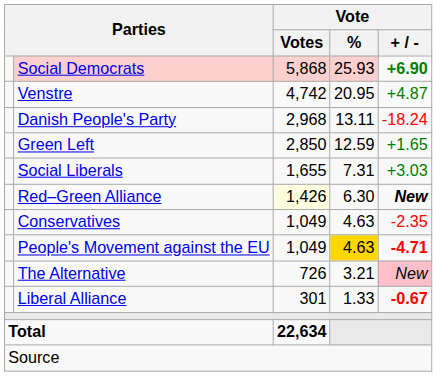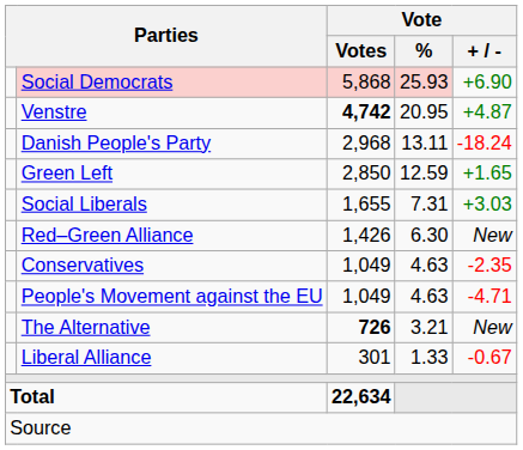 <table class="wikitable" style="text-align:right;">
 <tr>
 <th style="text-align:centre;" rowspan="2" colspan="2" width="225">Parties</th>
 <th colspan="3">Vote</th>
 </tr>
 <tr>
 <th width="15">Votes</th>
 <th width="15">%</th>
 <th width="15">+ / -</th>
 </tr>
 <tr>
 <td width="2" style="color:inherit;background:"></td>
 <td bgcolor=#fbd0ce   align="left"><a href='#'>Social Democrats</a></td>
 <td bgcolor=#fbd0ce>5,868</td>
 <td bgcolor=#fbd0ce>25.93</td>
-<td style=color:green;><strong>+6.90</strong></td>
+<td style=color:green;>+6.90</td>
 </tr>
 <tr>
 <td width="2" style="color:inherit;background:"></td>
 <td align="left"><a href='#'>Venstre</a></td>
-<td>4,742</td>
+<td><strong>4,742</strong></td>
 <td>20.95</td>
 <td style=color:green;>+4.87</td>
 </tr>
 <tr>
 <td width="2" style="color:inherit;background:"></td>
 <td align="left"><a href='#'>Danish People's Party</a></td>
 <td>2,968</td>
 <td>13.11</td>
 <td style=color:red;>-18.24</td>
 </tr>
 <tr>
 <td width="2" style="color:inherit;background:"></td>
 <td align="left"><a href='#'>Green Left</a></td>
 <td>2,850</td>
 <td>12.59</td>
 <td style=color:green;>+1.65</td>
 </tr>
 <tr>
 <td width="2" style="color:inherit;background:"></td>
 <td align="left"><a href='#'>Social Liberals</a></td>
 <td>1,655</td>
 <td>7.31</td>
 <td style=color:green;>+3.03</td>
 </tr>
 <tr>
 <td width="2" style="color:inherit;background:"></td>
 <td align="left"><a href='#'>Red–Green Alliance</a></td>
-<td style="background: lightyellow;">1,426</td>
+<td>1,426</td>
 <td>6.30</td>
-<td><strong><em>New</em></strong></td>
+<td><em>New</em></td>
 </tr>
 <tr>
 <td width="2" style="color:inherit;background:"></td>
 <td align="left"><a href='#'>Conservatives</a></td>
 <td>1,049</td>
 <td>4.63</td>
 <td style=color:red;>-2.35</td>
 </tr>
 <tr>
 <td width="2" style="color:inherit;background:"></td>
 <td align="left"><a href='#'>People's Movement against the EU</a></td>
 <td>1,049</td>
-<td style="background: gold;">4.63</td>
-<td style=color:red;><strong>-4.71</strong></td>
+<td>4.63</td>
+<td style=color:red;>-4.71</td>
 </tr>
 <tr>
 <td width="2" style="color:inherit;background:"></td>
 <td align="left"><a href='#'>The Alternative</a></td>
-<td>726</td>
+<td><strong>726</strong></td>
 <td>3.21</td>
-<td style="background: pink;"><em>New</em></td>
+<td><em>New</em></td>
 </tr>
 <tr>
 <td width="2" style="color:inherit;background:"></td>
 <td align="left"><a href='#'>Liberal Alliance</a></td>
 <td>301</td>
 <td>1.33</td>
-<td style=color:red;><strong>-0.67</strong></td>
+<td style=color:red;>-0.67</td>
 </tr>
 <tr>
 <td colspan="7" bgcolor="#E9E9E9"></td>
 </tr>
 <tr>
 <td align="left" colspan="2"><strong>Total</strong></td>
 <td><strong>22,634</strong></td>
 <td bgcolor="#E9E9E9" colspan="2"></td>
 </tr>
 <tr>
 <td align="left" colspan="6">Source</td>
 </tr>
 </table>
